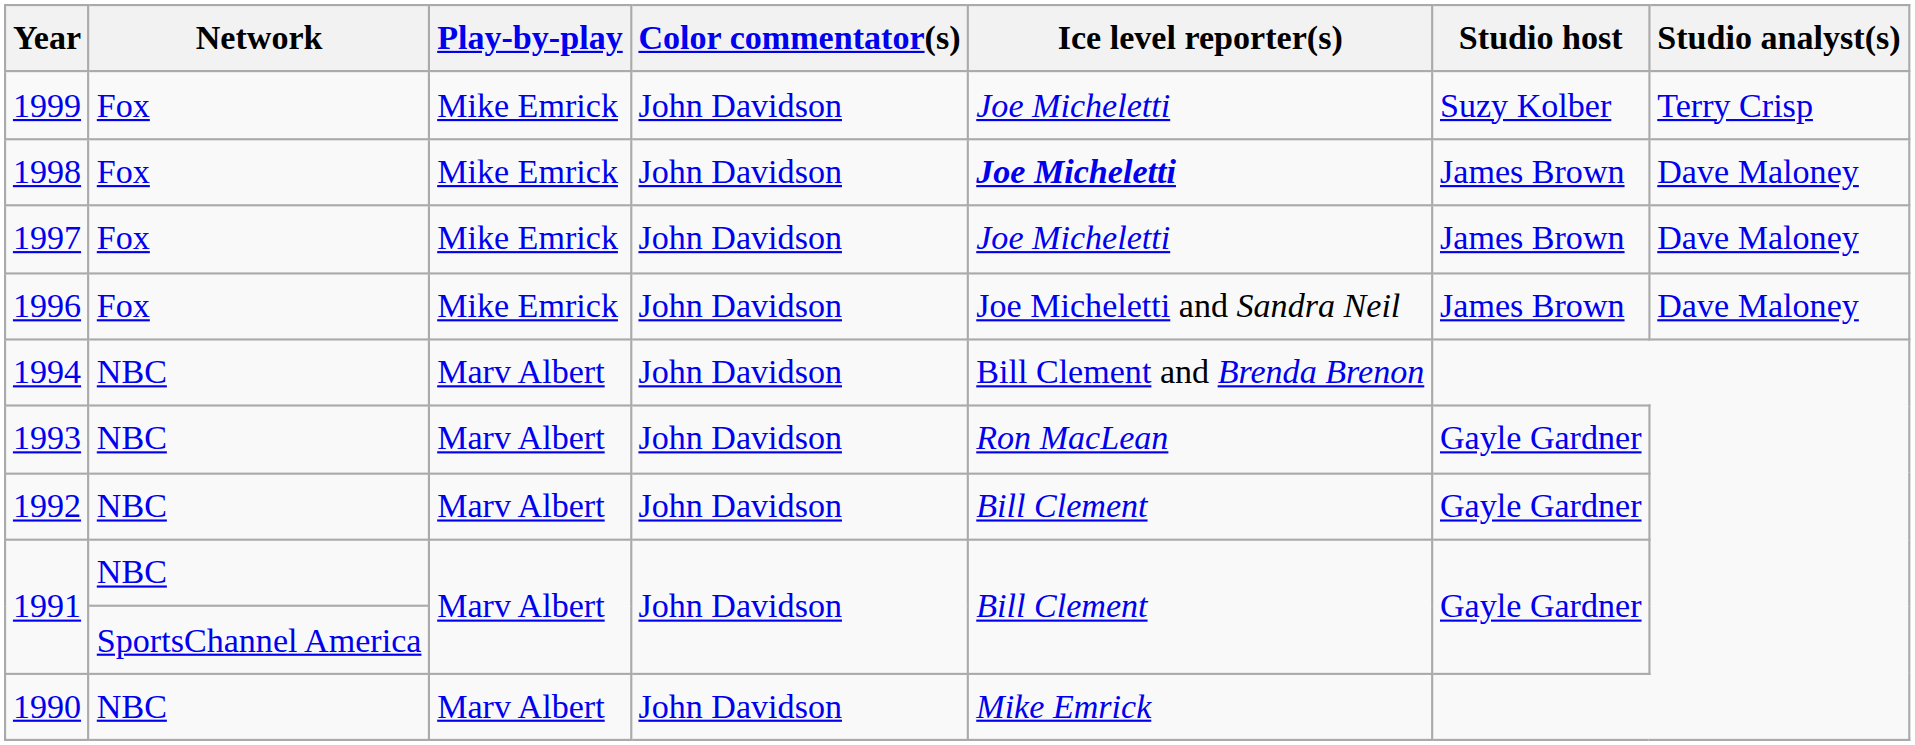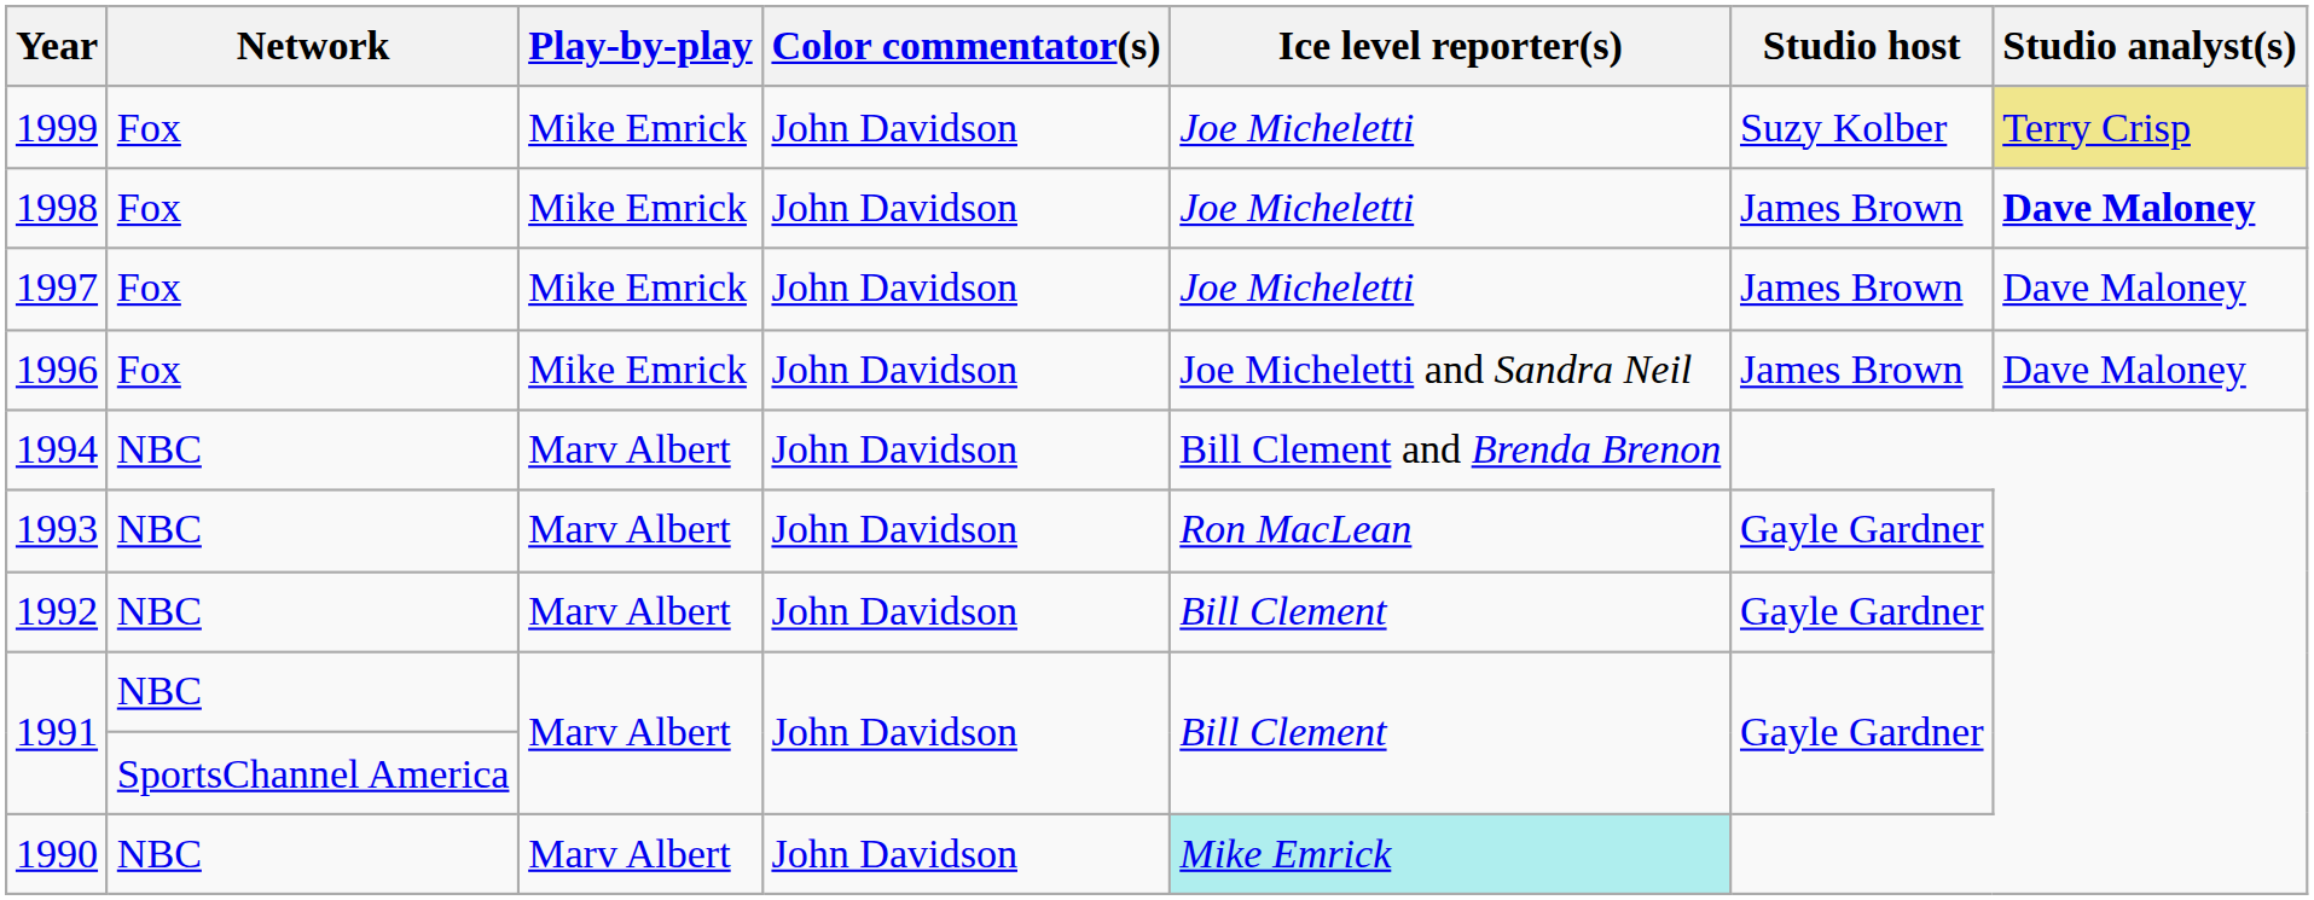 <table class="wikitable sortable" style="font-size:1.00em; line-height:1.5em;">
 <tr>
 <th>Year</th>
 <th>Network</th>
 <th><a href='#'>Play-by-play</a></th>
 <th><a href='#'>Color commentator</a>(s)</th>
 <th>Ice level reporter(s)</th>
 <th>Studio host</th>
 <th>Studio analyst(s)</th>
 </tr>
 <tr>
 <td><a href='#'>1999</a></td>
 <td><a href='#'>Fox</a></td>
 <td><a href='#'>Mike Emrick</a></td>
 <td><a href='#'>John Davidson</a></td>
 <td><em><a href='#'>Joe Micheletti</a></em></td>
 <td><a href='#'>Suzy Kolber</a></td>
-<td><a href='#'>Terry Crisp</a></td>
+<td style="background: khaki;"><a href='#'>Terry Crisp</a></td>
 </tr>
 <tr>
 <td><a href='#'>1998</a></td>
 <td><a href='#'>Fox</a></td>
 <td><a href='#'>Mike Emrick</a></td>
 <td><a href='#'>John Davidson</a></td>
-<td><strong><em><a href='#'>Joe Micheletti</a></em></strong></td>
+<td><em><a href='#'>Joe Micheletti</a></em></td>
 <td><a href='#'>James Brown</a></td>
-<td><a href='#'>Dave Maloney</a></td>
+<td><strong><a href='#'>Dave Maloney</a></strong></td>
 </tr>
 <tr>
 <td><a href='#'>1997</a></td>
 <td><a href='#'>Fox</a></td>
 <td><a href='#'>Mike Emrick</a></td>
 <td><a href='#'>John Davidson</a></td>
 <td><em><a href='#'>Joe Micheletti</a></em></td>
 <td><a href='#'>James Brown</a></td>
 <td><a href='#'>Dave Maloney</a></td>
 </tr>
 <tr>
 <td><a href='#'>1996</a></td>
 <td><a href='#'>Fox</a></td>
 <td><a href='#'>Mike Emrick</a></td>
 <td><a href='#'>John Davidson</a></td>
 <td><a href='#'>Joe Micheletti</a> and <em>Sandra Neil</em></td>
 <td><a href='#'>James Brown</a></td>
 <td><a href='#'>Dave Maloney</a></td>
 </tr>
 <tr>
 <td><a href='#'>1994</a></td>
 <td><a href='#'>NBC</a></td>
 <td><a href='#'>Marv Albert</a></td>
 <td><a href='#'>John Davidson</a></td>
 <td><a href='#'>Bill Clement</a> and <em><a href='#'>Brenda Brenon</a></em></td>
 </tr>
 <tr>
 <td><a href='#'>1993</a></td>
 <td><a href='#'>NBC</a></td>
 <td><a href='#'>Marv Albert</a></td>
 <td><a href='#'>John Davidson</a></td>
 <td><em><a href='#'>Ron MacLean</a></em></td>
 <td><a href='#'>Gayle Gardner</a></td>
 </tr>
 <tr>
 <td><a href='#'>1992</a></td>
 <td><a href='#'>NBC</a></td>
 <td><a href='#'>Marv Albert</a></td>
 <td><a href='#'>John Davidson</a></td>
 <td><em><a href='#'>Bill Clement</a></em></td>
 <td><a href='#'>Gayle Gardner</a></td>
 </tr>
 <tr>
 <td rowspan=2><a href='#'>1991</a></td>
 <td><a href='#'>NBC</a></td>
 <td rowspan="2"><a href='#'>Marv Albert</a></td>
 <td rowspan="2"><a href='#'>John Davidson</a></td>
 <td rowspan="2"><em><a href='#'>Bill Clement</a></em></td>
 <td rowspan="2"><a href='#'>Gayle Gardner</a></td>
 </tr>
 <tr>
 <td><a href='#'>SportsChannel America</a></td>
 </tr>
 <tr>
 <td><a href='#'>1990</a></td>
 <td><a href='#'>NBC</a></td>
 <td><a href='#'>Marv Albert</a></td>
 <td><a href='#'>John Davidson</a></td>
-<td><em><a href='#'>Mike Emrick</a></em></td>
+<td style="background: paleturquoise;"><em><a href='#'>Mike Emrick</a></em></td>
 </tr>
 </table>
